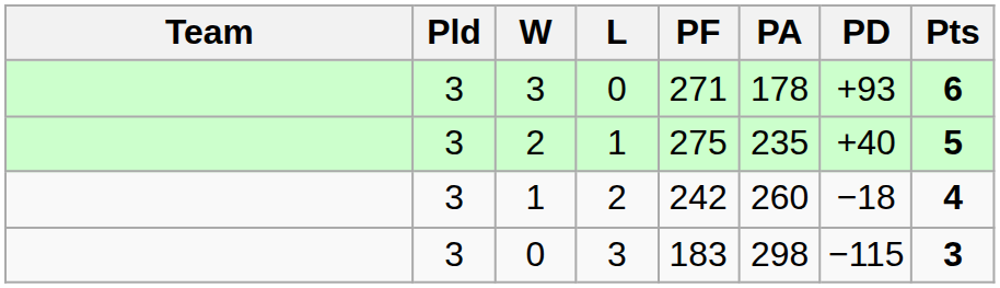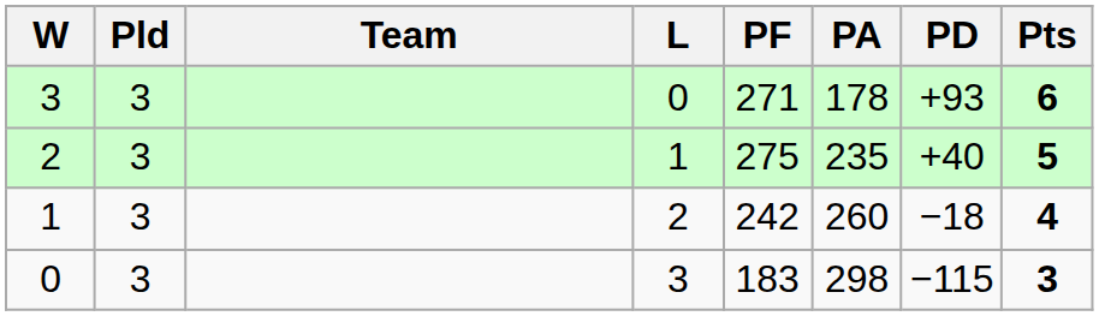 <table class=wikitable style="text-align:center">
 <tr>
+<th width=30>W</th>
+<th width=30>Pld</th>
 <th width=180>Team</th>
-<th width=30>Pld</th>
-<th width=30>W</th>
 <th width=30>L</th>
 <th width=30>PF</th>
 <th width=30>PA</th>
 <th width=30>PD</th>
 <th width=30>Pts</th>
 </tr>
 <tr align=center bgcolor="#ccffcc">
-<td align=left></td>
 <td>3</td>
 <td>3</td>
+<td align=left></td>
 <td>0</td>
 <td>271</td>
 <td>178</td>
 <td>+93</td>
 <td><strong>6</strong></td>
 </tr>
 <tr align=center bgcolor="#ccffcc">
+<td>2</td>
+<td>3</td>
 <td align=left></td>
-<td>3</td>
-<td>2</td>
 <td>1</td>
 <td>275</td>
 <td>235</td>
 <td>+40</td>
 <td><strong>5</strong></td>
 </tr>
 <tr align=center>
+<td>1</td>
+<td>3</td>
 <td align=left></td>
-<td>3</td>
-<td>1</td>
 <td>2</td>
 <td>242</td>
 <td>260</td>
 <td>−18</td>
 <td><strong>4</strong></td>
 </tr>
 <tr align=center>
+<td>0</td>
+<td>3</td>
 <td align=left></td>
-<td>3</td>
-<td>0</td>
 <td>3</td>
 <td>183</td>
 <td>298</td>
 <td>−115</td>
 <td><strong>3</strong></td>
 </tr>
 </table>
